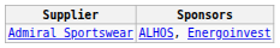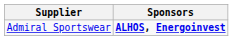 <table class="wikitable">
 <tr>
 <th>Supplier</th>
 <th>Sponsors</th>
 </tr>
 <tr>
 <td> <a href='#'>Admiral Sportswear</a></td>
-<td> <a href='#'>ALHOS</a>, <a href='#'>Energoinvest</a></td>
+<td><strong> <a href='#'>ALHOS</a>, <a href='#'>Energoinvest</a></strong></td>
 </tr>
 </table>
